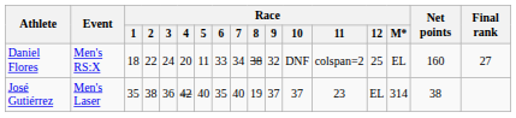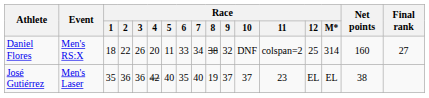 <table class="wikitable" style="font-size:90%">
 <tr>
 <th rowspan="2">Athlete</th>
 <th rowspan="2">Event</th>
 <th colspan=13>Race</th>
 <th rowspan=2>Net points</th>
 <th rowspan=2>Final rank</th>
 </tr>
 <tr style="font-size:95%">
 <th>1</th>
 <th>2</th>
 <th>3</th>
 <th>4</th>
 <th>5</th>
 <th>6</th>
 <th>7</th>
 <th>8</th>
 <th>9</th>
 <th>10</th>
 <th>11</th>
 <th>12</th>
 <th>M*</th>
 </tr>
 <tr align=center>
 <td align=left><a href='#'>Daniel Flores</a></td>
 <td align=left><a href='#'>Men's RS:X</a></td>
 <td>18</td>
 <td>22</td>
-<td>24</td>
+<td>26</td>
 <td>20</td>
 <td>11</td>
 <td>33</td>
 <td>34</td>
 <td><s>38</s></td>
 <td>32</td>
 <td>DNF</td>
 <td>colspan=2 </td>
 <td>25</td>
-<td>EL</td>
+<td>314</td>
 <td>160</td>
 <td>27</td>
 </tr>
 <tr align=center>
 <td align=left><a href='#'>José Gutiérrez</a></td>
 <td align=left><a href='#'>Men's Laser</a></td>
 <td>35</td>
-<td>38</td>
+<td>36</td>
 <td>36</td>
 <td><s>42</s></td>
 <td>40</td>
 <td>35</td>
 <td>40</td>
 <td>19</td>
 <td>37</td>
 <td>37</td>
 <td>23</td>
 <td>EL</td>
-<td>314</td>
+<td>EL</td>
 <td>38</td>
 </tr>
 </table>
